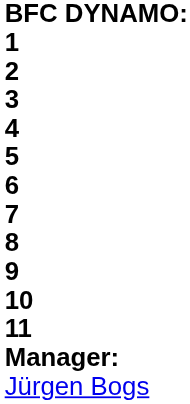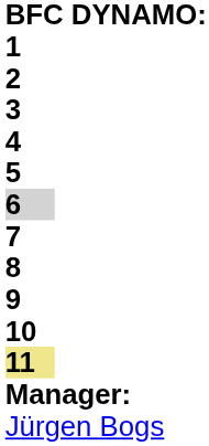 <table style="font-size: 90%" cellspacing="0" cellpadding="0" align=center>
 <tr>
 <td colspan="4"><strong>BFC DYNAMO:</strong></td>
 </tr>
 <tr>
 <th width="25"></th>
 </tr>
 <tr>
 <td><strong>1</strong></td>
 <td></td>
 </tr>
 <tr>
 <td><strong>2</strong></td>
 <td></td>
 </tr>
 <tr>
 <td><strong>3</strong></td>
 <td></td>
 </tr>
 <tr>
 <td><strong>4</strong></td>
 <td></td>
 </tr>
 <tr>
 <td><strong>5</strong></td>
 <td></td>
 </tr>
 <tr>
-<td><strong>6</strong></td>
+<td style="background: lightgrey;"><strong>6</strong></td>
 <td></td>
 </tr>
 <tr>
 <td><strong>7</strong></td>
 <td></td>
 </tr>
 <tr>
 <td><strong>8</strong></td>
 <td></td>
 </tr>
 <tr>
 <td><strong>9</strong></td>
 <td></td>
 </tr>
 <tr>
 <td><strong>10</strong></td>
 <td></td>
 </tr>
 <tr>
-<td><strong>11</strong></td>
+<td style="background: khaki;"><strong>11</strong></td>
 <td></td>
 </tr>
 <tr>
 <td colspan=4><strong>Manager:</strong></td>
 </tr>
 <tr>
 <td colspan="4"> <a href='#'>Jürgen Bogs</a></td>
 </tr>
 </table>
